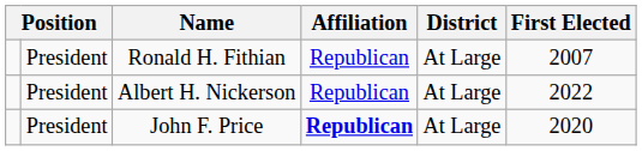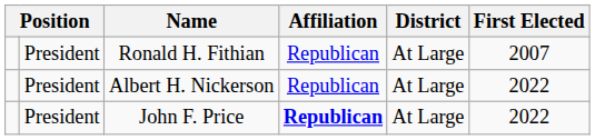 <table class="wikitable">
 <tr>
 <th colspan="2" style="text-align:center; vertical-align:bottom;">Position</th>
 <th style="text-align:center;">Name</th>
 <th valign="bottom">Affiliation</th>
 <th style="vertical-align:bottom; text-align:center;">District</th>
 <th style="vertical-align:bottom; text-align:center;">First Elected</th>
 </tr>
 <tr>
 <td style="background-color:"> </td>
 <td>President</td>
 <td style="text-align:center;">Ronald H. Fithian</td>
 <td style="text-align:center;"><a href='#'>Republican</a></td>
 <td style="text-align:center;">At Large</td>
 <td style="text-align:center;">2007</td>
 </tr>
 <tr>
 <td style="background-color:"> </td>
 <td>President</td>
 <td style="text-align:center;">Albert H. Nickerson</td>
 <td style="text-align:center;"><a href='#'>Republican</a></td>
 <td style="text-align:center;">At Large</td>
 <td style="text-align:center;">2022</td>
 </tr>
 <tr>
 <td style="background-color:"> </td>
 <td>President</td>
 <td style="text-align:center;">John F. Price</td>
 <td style="text-align:center;"><strong><a href='#'>Republican</a></strong></td>
 <td style="text-align:center;">At Large</td>
-<td style="text-align:center;">2020</td>
+<td style="text-align:center;">2022</td>
 </tr>
 </table>
